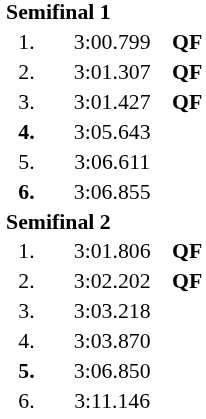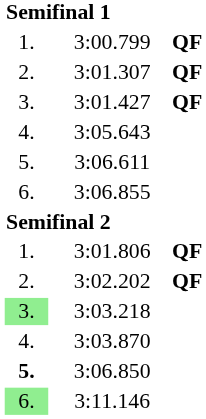 <table style="text-align:center">
 <tr>
 <td colspan=4 align=left><strong>Semifinal 1</strong></td>
 </tr>
 <tr>
 <td width=30>1.</td>
 <td align=left></td>
 <td width=80>3:00.799</td>
 <td><strong>QF</strong></td>
 </tr>
 <tr>
 <td>2.</td>
 <td align=left></td>
 <td>3:01.307</td>
 <td><strong>QF</strong></td>
 </tr>
 <tr>
 <td>3.</td>
 <td align=left></td>
 <td>3:01.427</td>
 <td><strong>QF</strong></td>
 </tr>
 <tr>
-<td><strong>4.</strong></td>
+<td>4.</td>
 <td align=left></td>
 <td>3:05.643</td>
 <td></td>
 </tr>
 <tr>
 <td>5.</td>
 <td align=left></td>
 <td>3:06.611</td>
 <td></td>
 </tr>
 <tr>
-<td><strong>6.</strong></td>
+<td>6.</td>
 <td align=left></td>
 <td>3:06.855</td>
 <td></td>
 </tr>
 <tr>
 <td colspan=4 align=left><strong>Semifinal 2</strong></td>
 </tr>
 <tr>
 <td width=30>1.</td>
 <td align=left></td>
 <td width=80>3:01.806</td>
 <td><strong>QF</strong></td>
 </tr>
 <tr>
 <td>2.</td>
 <td align=left></td>
 <td>3:02.202</td>
 <td><strong>QF</strong></td>
 </tr>
 <tr>
-<td>3.</td>
+<td style="background: lightgreen;">3.</td>
 <td align=left></td>
 <td>3:03.218</td>
 <td></td>
 </tr>
 <tr>
 <td>4.</td>
 <td align=left></td>
 <td>3:03.870</td>
 <td></td>
 </tr>
 <tr>
 <td><strong>5.</strong></td>
 <td align=left></td>
 <td>3:06.850</td>
 <td></td>
 </tr>
 <tr>
-<td>6.</td>
+<td style="background: lightgreen;">6.</td>
 <td align=left></td>
 <td>3:11.146</td>
 <td></td>
 </tr>
 </table>
